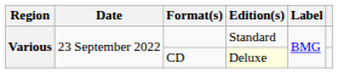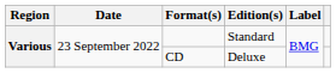 <table class="wikitable plainrowheaders">
 <tr>
 <th scope="col">Region</th>
 <th scope="col">Date</th>
 <th scope="col">Format(s)</th>
 <th scope="col">Edition(s)</th>
 <th scope="col">Label</th>
 <th scope="col"></th>
 </tr>
 <tr>
 <th scope="row" rowspan="2">Various</th>
 <td rowspan="2">23 September 2022</td>
 <td></td>
 <td>Standard</td>
 <td rowspan="2"><a href='#'>BMG</a></td>
 <td></td>
 </tr>
 <tr>
 <td>CD</td>
-<td style="background: lightyellow;">Deluxe</td>
+<td>Deluxe</td>
 <td></td>
 </tr>
 </table>
